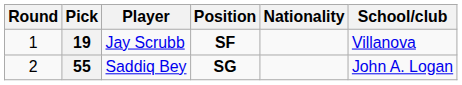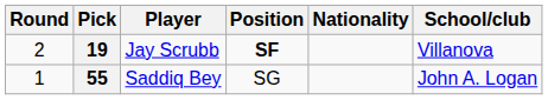 <table class="wikitable">
 <tr>
 <th scope="col">Round</th>
 <th scope="col">Pick</th>
 <th scope="col">Player</th>
 <th scope="col">Position</th>
 <th scope="col">Nationality</th>
 <th scope="col">School/club</th>
 </tr>
 <tr>
-<td style="text-align:center;">1</td>
+<td style="text-align:center;">2</td>
 <th scope="row">19</th>
 <td><a href='#'>Jay Scrubb</a></td>
 <td style="text-align:center;"><strong>SF</strong></td>
 <td></td>
 <td><a href='#'>Villanova</a></td>
 </tr>
 <tr>
-<td style="text-align:center;">2</td>
+<td style="text-align:center;">1</td>
 <th scope="row">55</th>
 <td><a href='#'>Saddiq Bey</a></td>
-<td style="text-align:center;"><strong>SG</strong></td>
+<td style="text-align:center;">SG</td>
 <td></td>
 <td><a href='#'>John A. Logan</a></td>
 </tr>
 </table>
